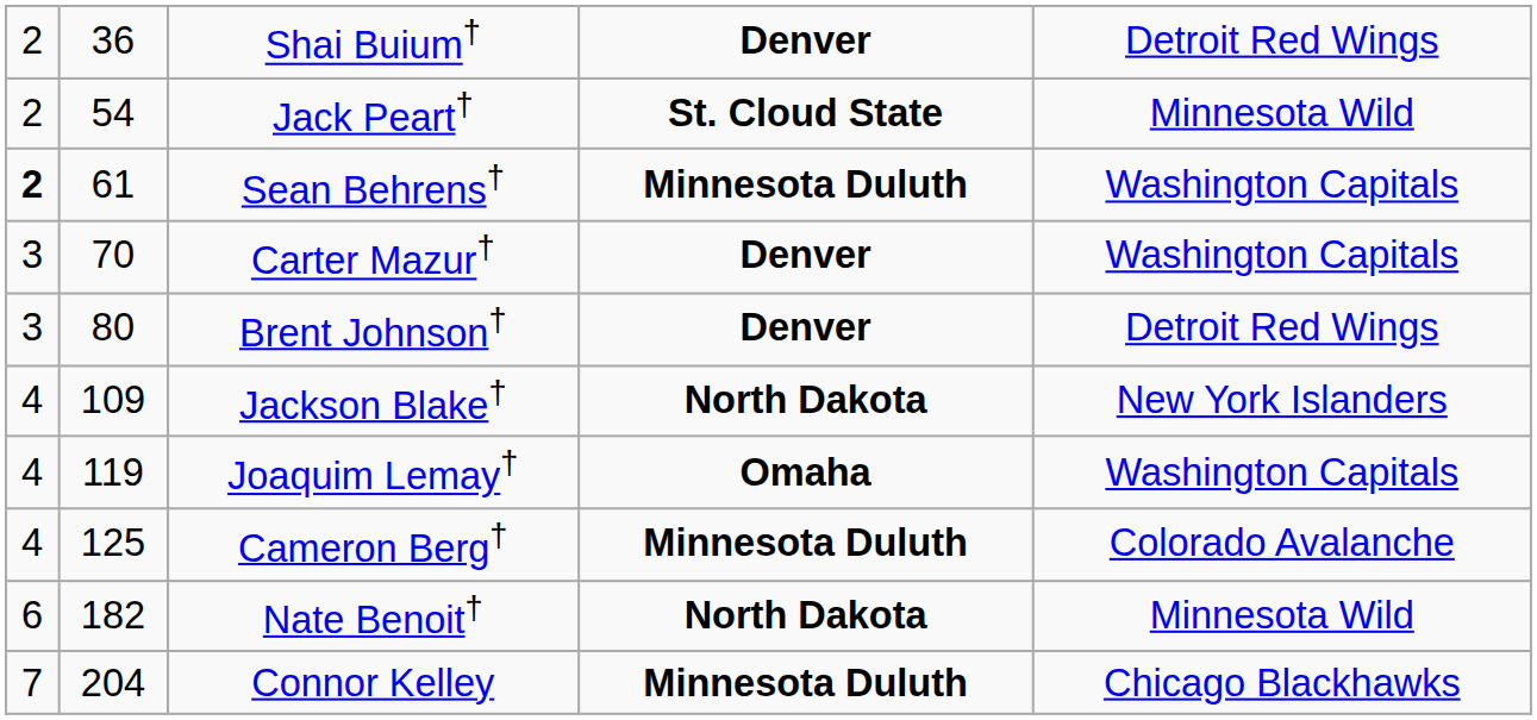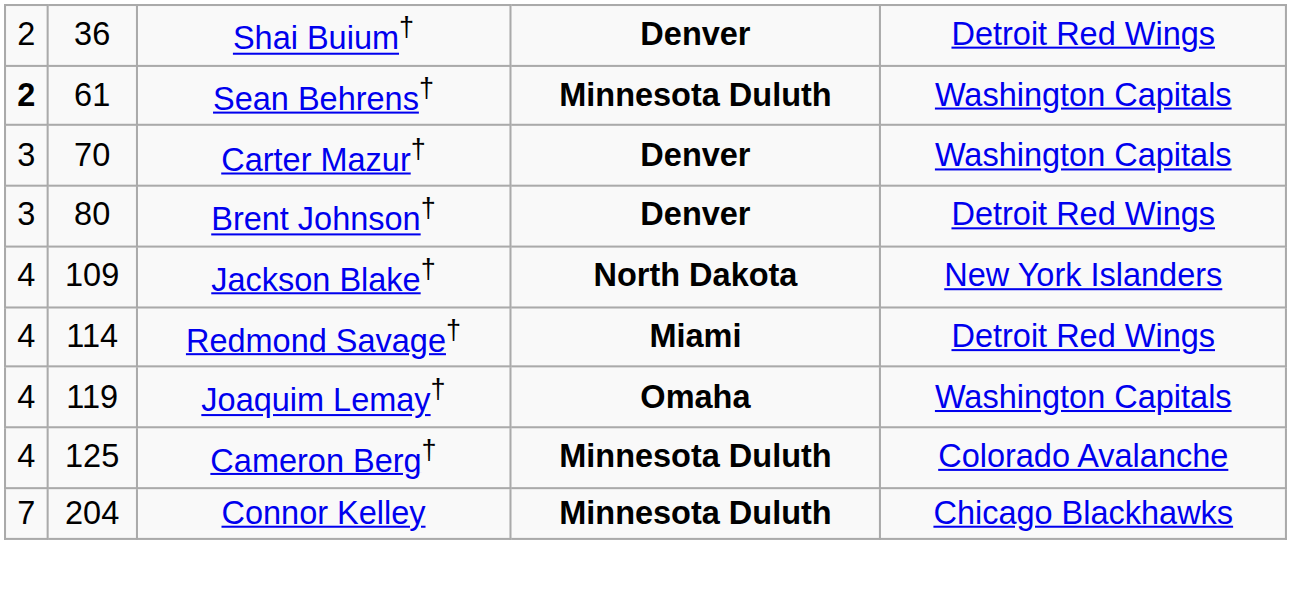 <table class="wikitable" width="50%">
 <tr align="center" bgcolor="">
 <td>2</td>
 <td>36</td>
 <td><a href='#'>Shai Buium</a><sup>†</sup></td>
 <td><strong>Denver</strong></td>
 <td><a href='#'>Detroit Red Wings</a></td>
-</tr>
-<tr align="center" bgcolor="">
-<td>2</td>
-<td>54</td>
-<td><a href='#'>Jack Peart</a><sup>†</sup></td>
-<td><strong>St. Cloud State</strong></td>
-<td><a href='#'>Minnesota Wild</a></td>
 </tr>
 <tr align="center" bgcolor="">
 <td><strong>2</strong></td>
 <td>61</td>
 <td><a href='#'>Sean Behrens</a><sup>†</sup></td>
 <td><strong>Minnesota Duluth</strong></td>
 <td><a href='#'>Washington Capitals</a></td>
 </tr>
 <tr align="center" bgcolor="">
 <td>3</td>
 <td>70</td>
 <td><a href='#'>Carter Mazur</a><sup>†</sup></td>
 <td><strong>Denver</strong></td>
 <td><a href='#'>Washington Capitals</a></td>
 </tr>
 <tr align="center" bgcolor="">
 <td>3</td>
 <td>80</td>
 <td><a href='#'>Brent Johnson</a><sup>†</sup></td>
 <td><strong>Denver</strong></td>
 <td><a href='#'>Detroit Red Wings</a></td>
 </tr>
 <tr align="center" bgcolor="">
 <td>4</td>
 <td>109</td>
 <td><a href='#'>Jackson Blake</a><sup>†</sup></td>
 <td><strong>North Dakota</strong></td>
 <td><a href='#'>New York Islanders</a></td>
 </tr>
 <tr align="center" bgcolor="">
 <td>4</td>
+<td>114</td>
+<td><a href='#'>Redmond Savage</a><sup>†</sup></td>
+<td><strong>Miami</strong></td>
+<td><a href='#'>Detroit Red Wings</a></td>
+</tr>
+<tr align="center" bgcolor="">
+<td>4</td>
 <td>119</td>
 <td><a href='#'>Joaquim Lemay</a><sup>†</sup></td>
 <td><strong>Omaha</strong></td>
 <td><a href='#'>Washington Capitals</a></td>
 </tr>
 <tr align="center" bgcolor="">
 <td>4</td>
 <td>125</td>
 <td><a href='#'>Cameron Berg</a><sup>†</sup></td>
 <td><strong>Minnesota Duluth</strong></td>
 <td><a href='#'>Colorado Avalanche</a></td>
 </tr>
 <tr align="center" bgcolor="">
-<td>6</td>
-<td>182</td>
-<td><a href='#'>Nate Benoit</a><sup>†</sup></td>
-<td><strong>North Dakota</strong></td>
-<td><a href='#'>Minnesota Wild</a></td>
-</tr>
-<tr align="center" bgcolor="">
 <td>7</td>
 <td>204</td>
 <td><a href='#'>Connor Kelley</a></td>
 <td><strong>Minnesota Duluth</strong></td>
 <td><a href='#'>Chicago Blackhawks</a></td>
 </tr>
 </table>
